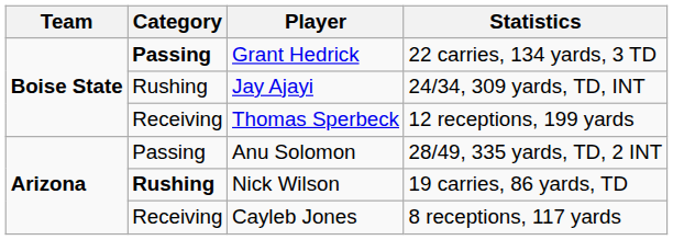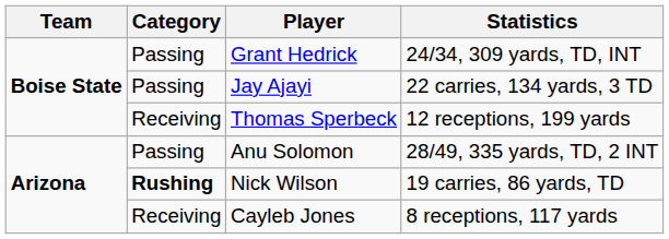 <table class="wikitable" style="float: right;">
 <tr>
 <th>Team</th>
 <th>Category</th>
 <th>Player</th>
 <th>Statistics</th>
 </tr>
 <tr>
 <td rowspan=3><strong>Boise State</strong></td>
-<td><strong>Passing</strong></td>
+<td>Passing</td>
 <td><a href='#'>Grant Hedrick</a></td>
-<td>22 carries, 134 yards, 3 TD</td>
+<td>24/34, 309 yards, TD, INT</td>
 </tr>
 <tr>
-<td>Rushing</td>
+<td>Passing</td>
 <td><a href='#'>Jay Ajayi</a></td>
-<td>24/34, 309 yards, TD, INT</td>
+<td>22 carries, 134 yards, 3 TD</td>
 </tr>
 <tr>
 <td>Receiving</td>
 <td><a href='#'>Thomas Sperbeck</a></td>
 <td>12 receptions, 199 yards</td>
 </tr>
 <tr>
 <td rowspan=3><strong>Arizona</strong></td>
 <td>Passing</td>
 <td>Anu Solomon</td>
 <td>28/49, 335 yards, TD, 2 INT</td>
 </tr>
 <tr>
 <td><strong>Rushing</strong></td>
 <td>Nick Wilson</td>
 <td>19 carries, 86 yards, TD</td>
 </tr>
 <tr>
 <td>Receiving</td>
 <td>Cayleb Jones</td>
 <td>8 receptions, 117 yards</td>
 </tr>
 </table>
